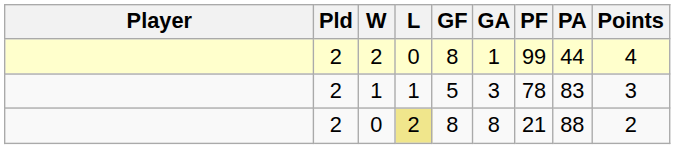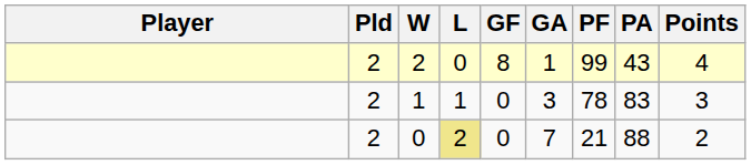 <table class=wikitable style="text-align:center;">
 <tr>
 <th width=220>Player</th>
 <th width=20>Pld</th>
 <th width=20>W</th>
 <th width=20>L</th>
 <th width=20>GF</th>
 <th width=20>GA</th>
 <th width=20>PF</th>
 <th width=20>PA</th>
 <th width=50>Points</th>
 </tr>
 <tr bgcolor=#ffffcc>
 <td style="text-align:left;"></td>
 <td>2</td>
 <td>2</td>
 <td>0</td>
 <td>8</td>
 <td>1</td>
 <td>99</td>
-<td>44</td>
+<td>43</td>
 <td>4</td>
 </tr>
 <tr>
 <td style="text-align:left;"></td>
 <td>2</td>
 <td>1</td>
 <td>1</td>
-<td>5</td>
+<td>0</td>
 <td>3</td>
 <td>78</td>
 <td>83</td>
 <td>3</td>
 </tr>
 <tr>
 <td style="text-align:left;"></td>
 <td>2</td>
 <td>0</td>
 <td style="background: khaki;">2</td>
-<td>8</td>
-<td>8</td>
+<td>0</td>
+<td>7</td>
 <td>21</td>
 <td>88</td>
 <td>2</td>
 </tr>
 </table>
